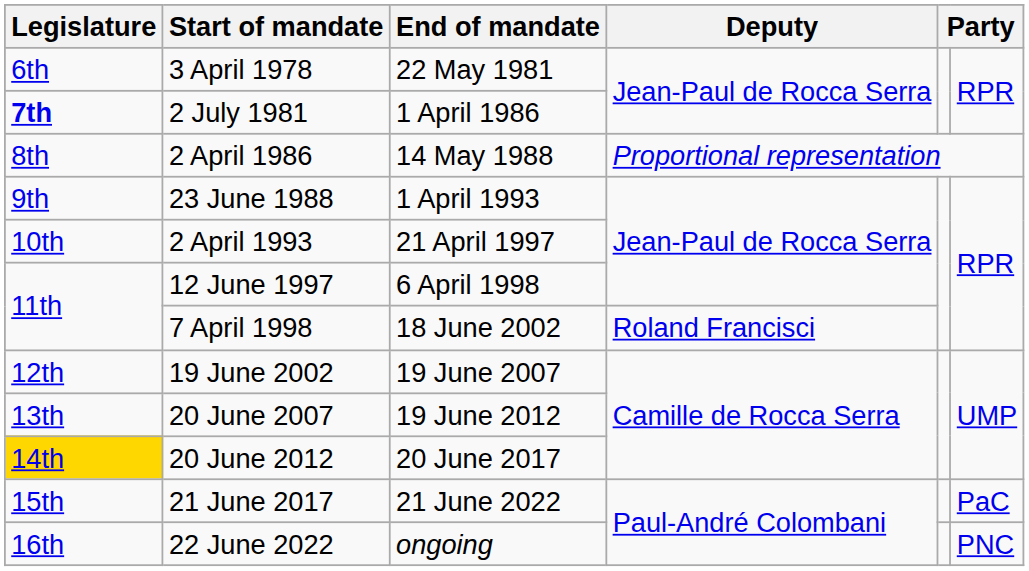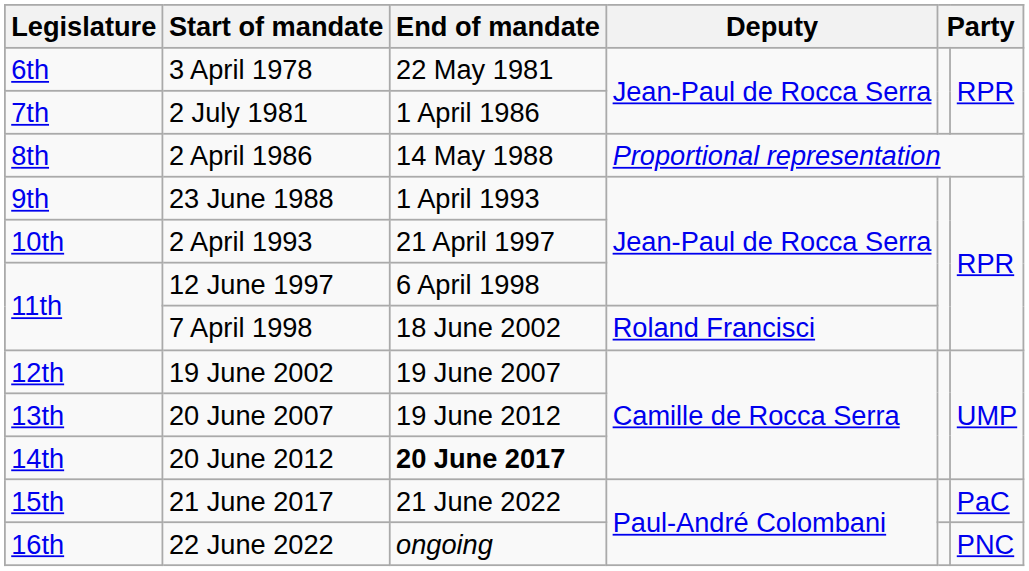 <table class="wikitable" style="font-size:95%;">
 <tr>
 <th>Legislature</th>
 <th>Start of mandate</th>
 <th>End of mandate</th>
 <th>Deputy</th>
 <th colspan="2">Party</th>
 </tr>
 <tr>
 <td><a href='#'>6th</a></td>
 <td>3 April 1978</td>
 <td>22 May 1981</td>
 <td rowspan="2"><a href='#'>Jean-Paul de Rocca Serra</a></td>
 <td rowspan="2" style="color:inherit;background:"></td>
 <td rowspan="2"><a href='#'>RPR</a></td>
 </tr>
 <tr>
-<td><strong><a href='#'>7th</a></strong></td>
+<td><a href='#'>7th</a></td>
 <td>2 July 1981</td>
 <td>1 April 1986</td>
 </tr>
 <tr>
 <td><a href='#'>8th</a></td>
 <td>2 April 1986</td>
 <td>14 May 1988</td>
 <td colspan="3"><em><a href='#'>Proportional representation</a></em></td>
 </tr>
 <tr>
 <td><a href='#'>9th</a></td>
 <td>23 June 1988</td>
 <td>1 April 1993</td>
 <td rowspan="3"><a href='#'>Jean-Paul de Rocca Serra</a></td>
 <td rowspan="4" style="color:inherit;background:"></td>
 <td rowspan="4"><a href='#'>RPR</a></td>
 </tr>
 <tr>
 <td><a href='#'>10th</a></td>
 <td>2 April 1993</td>
 <td>21 April 1997</td>
 </tr>
 <tr>
 <td rowspan="2"><a href='#'>11th</a></td>
 <td>12 June 1997</td>
 <td>6 April 1998</td>
 </tr>
 <tr>
 <td>7 April 1998</td>
 <td>18 June 2002</td>
 <td><a href='#'>Roland Francisci</a></td>
 </tr>
 <tr>
 <td><a href='#'>12th</a></td>
 <td>19 June 2002</td>
 <td>19 June 2007</td>
 <td rowspan="3"><a href='#'>Camille de Rocca Serra</a></td>
 <td rowspan="3" style="color:inherit;background:"></td>
 <td rowspan="3"><a href='#'>UMP</a></td>
 </tr>
 <tr>
 <td><a href='#'>13th</a></td>
 <td>20 June 2007</td>
 <td>19 June 2012</td>
 </tr>
 <tr>
-<td style="background: gold;"><a href='#'>14th</a></td>
+<td><a href='#'>14th</a></td>
 <td>20 June 2012</td>
-<td>20 June 2017</td>
+<td><strong>20 June 2017</strong></td>
 </tr>
 <tr>
 <td><a href='#'>15th</a></td>
 <td>21 June 2017</td>
 <td>21 June 2022</td>
 <td rowspan="2"><a href='#'>Paul-André Colombani</a></td>
 <td style="color:inherit;background:"></td>
 <td><a href='#'>PaC</a></td>
 </tr>
 <tr>
 <td><a href='#'>16th</a></td>
 <td>22 June 2022</td>
 <td><em>ongoing</em></td>
 <td style="color:inherit;background:"></td>
 <td><a href='#'>PNC</a></td>
 </tr>
 </table>
